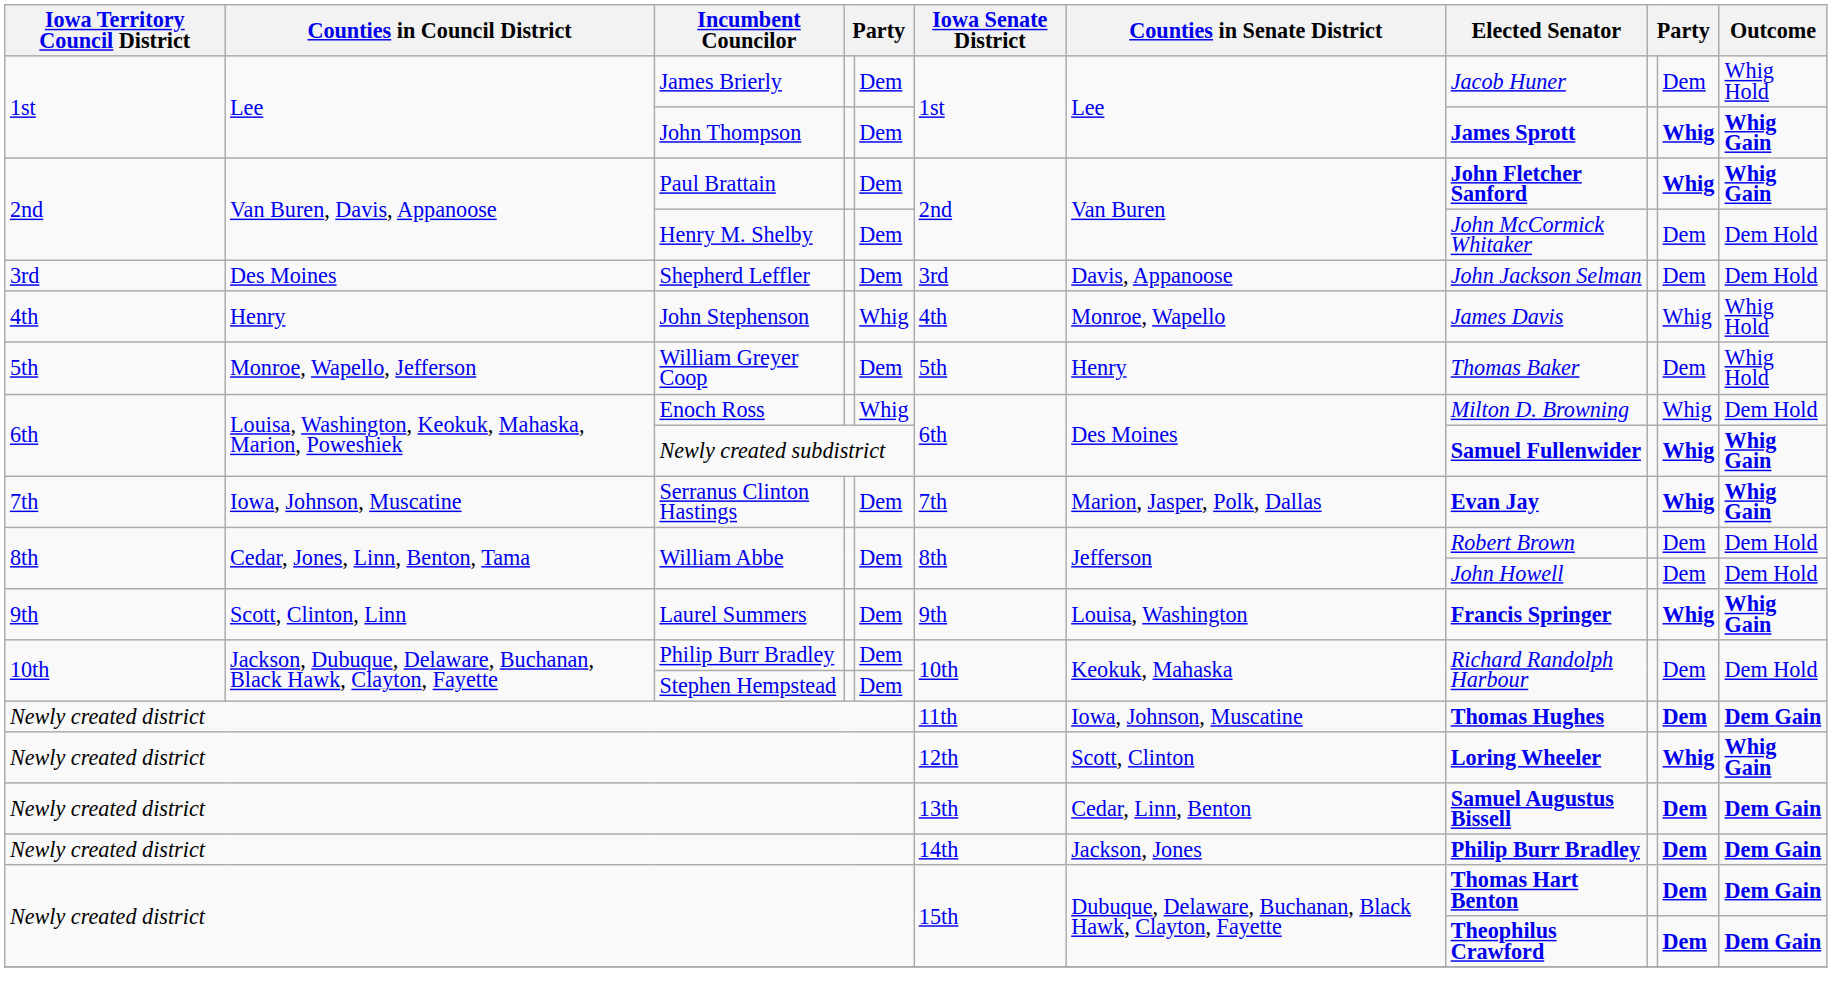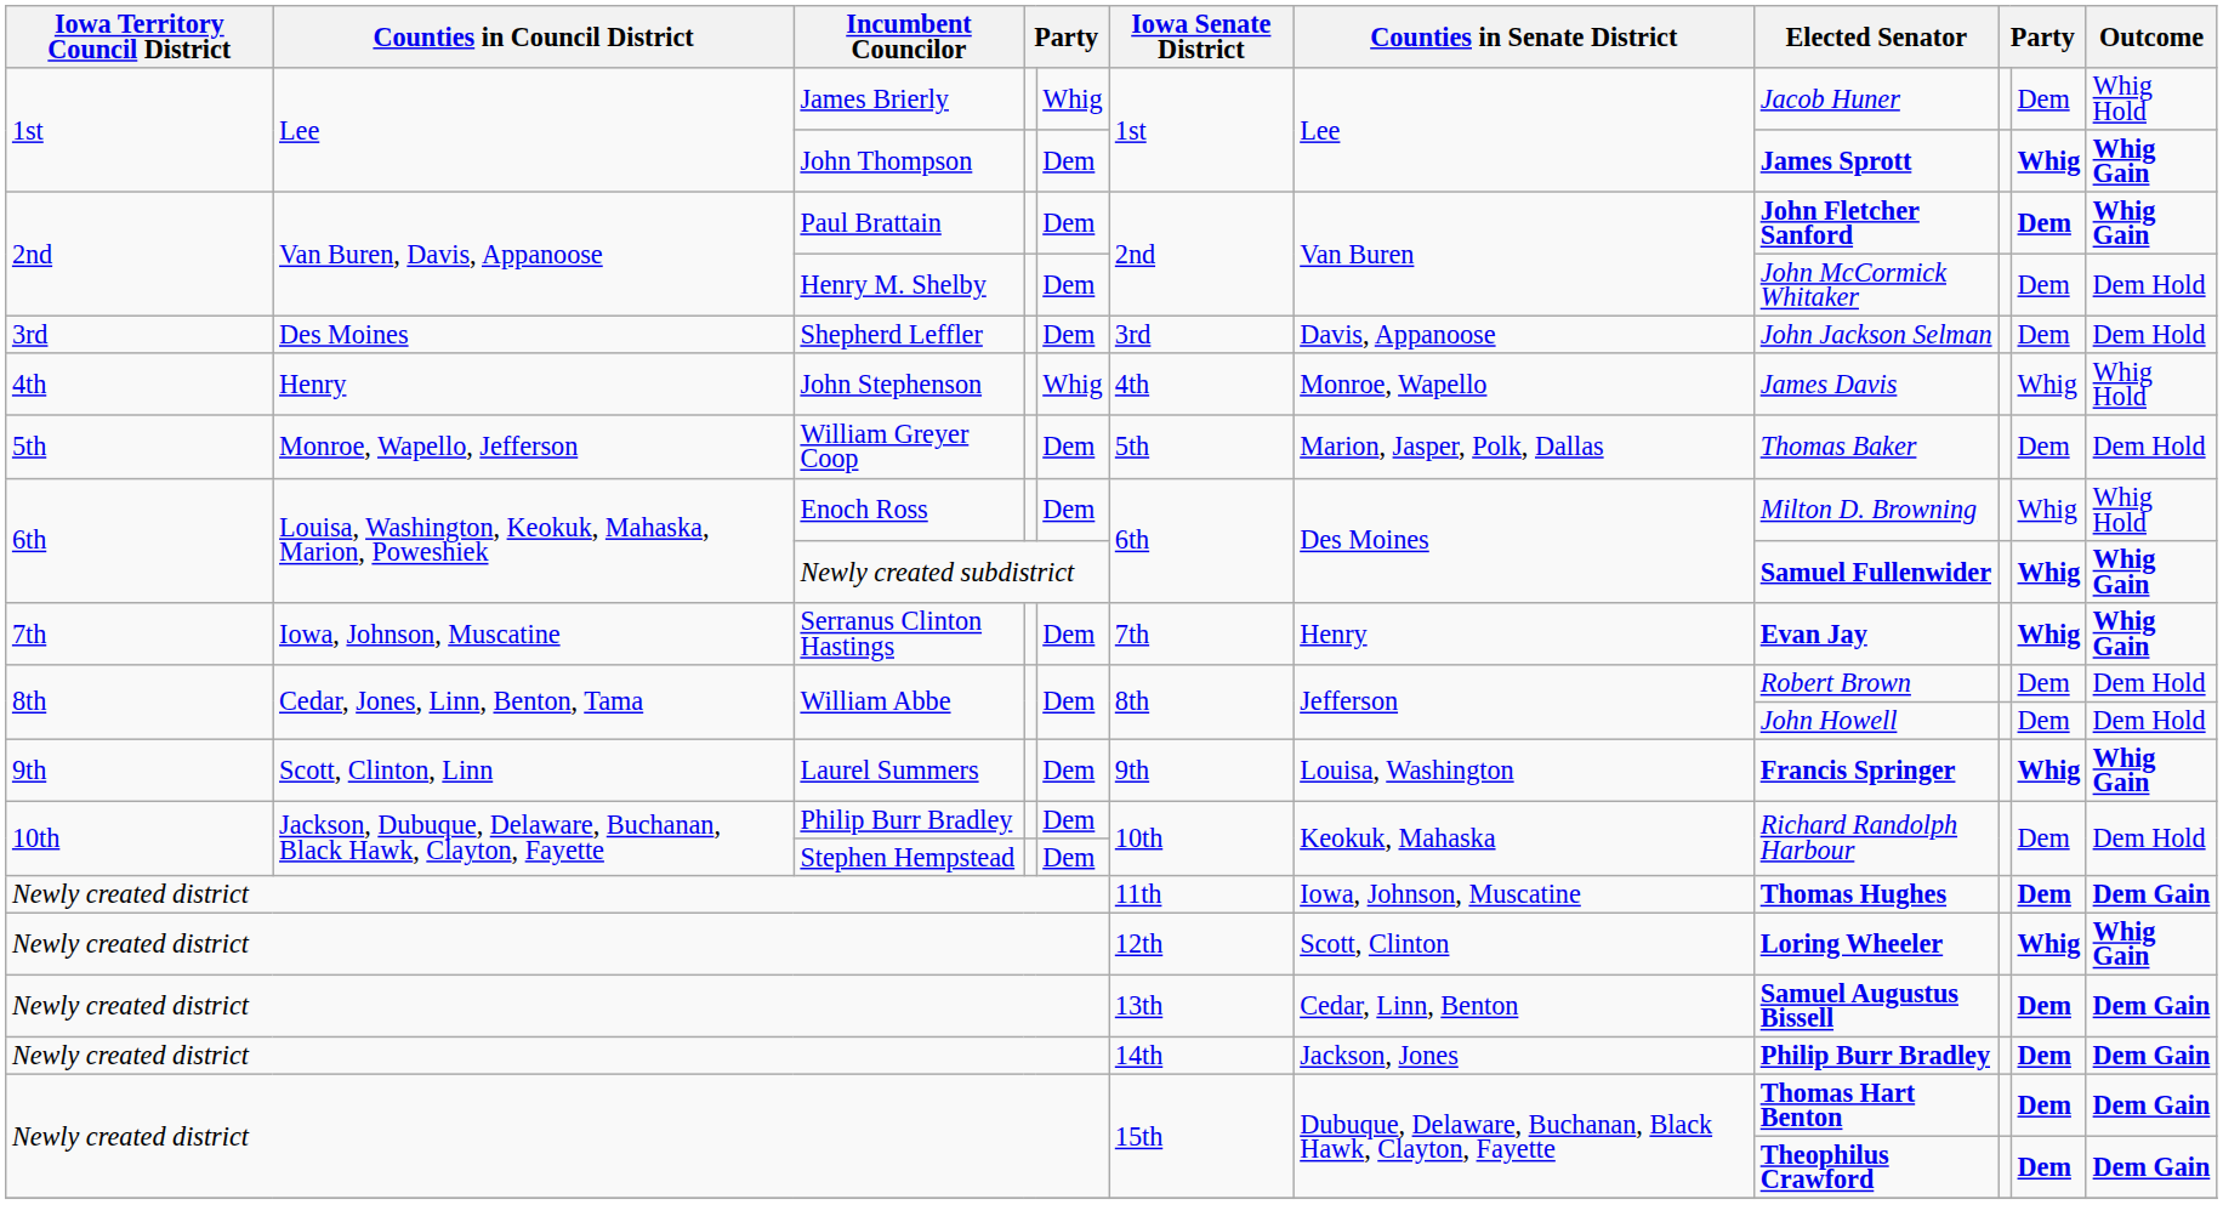 <table class="sortable wikitable" style="font-size:95%;line-height:14px;">
 <tr>
 <th class="sortable"><a href='#'>Iowa Territory Council</a> District</th>
 <th class="sortable"><a href='#'>Counties</a> in Council District</th>
 <th class="sortable"><a href='#'>Incumbent</a> Councilor</th>
 <th colspan="2">Party</th>
 <th class="sortable"><a href='#'>Iowa Senate</a> District</th>
 <th class="sortable"><a href='#'>Counties</a> in Senate District</th>
 <th class="sortable">Elected Senator</th>
 <th colspan="2">Party</th>
 <th class="sortable">Outcome</th>
 </tr>
 <tr>
 <td rowspan="2"><a href='#'>1st</a></td>
 <td rowspan="2"><a href='#'>Lee</a></td>
 <td><a href='#'>James Brierly</a></td>
 <td style="background:"></td>
-<td><a href='#'>Dem</a></td>
+<td><a href='#'>Whig</a></td>
 <td rowspan="2"><a href='#'>1st</a></td>
 <td rowspan="2"><a href='#'>Lee</a></td>
 <td><em><a href='#'>Jacob Huner</a></em></td>
 <td style="background:"></td>
 <td><a href='#'>Dem</a></td>
 <td><a href='#'>Whig Hold</a></td>
 </tr>
 <tr>
 <td><a href='#'>John Thompson</a></td>
 <td style="background:"></td>
 <td><a href='#'>Dem</a></td>
 <td><strong><a href='#'>James Sprott</a></strong></td>
 <td style="background:"></td>
 <td><strong><a href='#'>Whig</a></strong></td>
 <td><strong><a href='#'>Whig Gain</a></strong></td>
 </tr>
 <tr>
 <td rowspan="2"><a href='#'>2nd</a></td>
 <td rowspan="2"><a href='#'>Van Buren</a>, <a href='#'>Davis</a>, <a href='#'>Appanoose</a></td>
 <td><a href='#'>Paul Brattain</a></td>
 <td style="background:"></td>
 <td><a href='#'>Dem</a></td>
 <td rowspan="2"><a href='#'>2nd</a></td>
 <td rowspan="2"><a href='#'>Van Buren</a></td>
 <td><strong><a href='#'>John Fletcher Sanford</a></strong></td>
 <td style="background:"></td>
-<td><strong><a href='#'>Whig</a></strong></td>
+<td><strong><a href='#'>Dem</a></strong></td>
 <td><strong><a href='#'>Whig Gain</a></strong></td>
 </tr>
 <tr>
 <td><a href='#'>Henry M. Shelby</a></td>
 <td style="background:"></td>
 <td><a href='#'>Dem</a></td>
 <td><em><a href='#'>John McCormick Whitaker</a></em></td>
 <td style="background:"></td>
 <td><a href='#'>Dem</a></td>
 <td><a href='#'>Dem Hold</a></td>
 </tr>
 <tr>
 <td><a href='#'>3rd</a></td>
 <td><a href='#'>Des Moines</a></td>
 <td><a href='#'>Shepherd Leffler</a></td>
 <td style="background:"></td>
 <td><a href='#'>Dem</a></td>
 <td><a href='#'>3rd</a></td>
 <td><a href='#'>Davis</a>, <a href='#'>Appanoose</a></td>
 <td><em><a href='#'>John Jackson Selman</a></em></td>
 <td style="background:"></td>
 <td><a href='#'>Dem</a></td>
 <td><a href='#'>Dem Hold</a></td>
 </tr>
 <tr>
 <td><a href='#'>4th</a></td>
 <td><a href='#'>Henry</a></td>
 <td><a href='#'>John Stephenson</a></td>
 <td style="background:"></td>
 <td><a href='#'>Whig</a></td>
 <td><a href='#'>4th</a></td>
 <td><a href='#'>Monroe</a>, <a href='#'>Wapello</a></td>
 <td><em><a href='#'>James Davis</a></em></td>
 <td style="background:"></td>
 <td><a href='#'>Whig</a></td>
 <td><a href='#'>Whig Hold</a></td>
 </tr>
 <tr>
 <td><a href='#'>5th</a></td>
 <td><a href='#'>Monroe</a>, <a href='#'>Wapello</a>, <a href='#'>Jefferson</a></td>
 <td><a href='#'>William Greyer Coop</a></td>
 <td style="background:"></td>
 <td><a href='#'>Dem</a></td>
 <td><a href='#'>5th</a></td>
-<td><a href='#'>Henry</a></td>
+<td><a href='#'>Marion</a>, <a href='#'>Jasper</a>, <a href='#'>Polk</a>, <a href='#'>Dallas</a></td>
 <td><em><a href='#'>Thomas Baker</a></em></td>
 <td style="background:"></td>
 <td><a href='#'>Dem</a></td>
-<td><a href='#'>Whig Hold</a></td>
+<td><a href='#'>Dem Hold</a></td>
 </tr>
 <tr>
 <td rowspan="2"><a href='#'>6th</a></td>
 <td rowspan="2"><a href='#'>Louisa</a>, <a href='#'>Washington</a>, <a href='#'>Keokuk</a>, <a href='#'>Mahaska</a>, <a href='#'>Marion</a>, <a href='#'>Poweshiek</a></td>
 <td><a href='#'>Enoch Ross</a></td>
 <td style="background:"></td>
-<td><a href='#'>Whig</a></td>
+<td><a href='#'>Dem</a></td>
 <td rowspan="2"><a href='#'>6th</a></td>
 <td rowspan="2"><a href='#'>Des Moines</a></td>
 <td><em><a href='#'>Milton D. Browning</a></em></td>
 <td style="background:"></td>
 <td><a href='#'>Whig</a></td>
-<td><a href='#'>Dem Hold</a></td>
+<td><a href='#'>Whig Hold</a></td>
 </tr>
 <tr>
 <td colspan="3" ><em>Newly created subdistrict</em></td>
 <td><strong><a href='#'>Samuel Fullenwider</a></strong></td>
 <td style="background:"></td>
 <td><strong><a href='#'>Whig</a></strong></td>
 <td><strong><a href='#'>Whig Gain</a></strong></td>
 </tr>
 <tr>
 <td><a href='#'>7th</a></td>
 <td><a href='#'>Iowa</a>, <a href='#'>Johnson</a>, <a href='#'>Muscatine</a></td>
 <td><a href='#'>Serranus Clinton Hastings</a></td>
 <td style="background:"></td>
 <td><a href='#'>Dem</a></td>
 <td><a href='#'>7th</a></td>
-<td><a href='#'>Marion</a>, <a href='#'>Jasper</a>, <a href='#'>Polk</a>, <a href='#'>Dallas</a></td>
+<td><a href='#'>Henry</a></td>
 <td><strong><a href='#'>Evan Jay</a></strong></td>
 <td style="background:"></td>
 <td><strong><a href='#'>Whig</a></strong></td>
 <td><strong><a href='#'>Whig Gain</a></strong></td>
 </tr>
 <tr>
 <td rowspan="2"><a href='#'>8th</a></td>
 <td rowspan="2"><a href='#'>Cedar</a>, <a href='#'>Jones</a>, <a href='#'>Linn</a>, <a href='#'>Benton</a>, <a href='#'>Tama</a></td>
 <td rowspan="2"><a href='#'>William Abbe</a></td>
 <td rowspan="2" style="background:"></td>
 <td rowspan="2"><a href='#'>Dem</a></td>
 <td rowspan="2"><a href='#'>8th</a></td>
 <td rowspan="2"><a href='#'>Jefferson</a></td>
 <td><em><a href='#'>Robert Brown</a></em></td>
 <td style="background:"></td>
 <td><a href='#'>Dem</a></td>
 <td><a href='#'>Dem Hold</a></td>
 </tr>
 <tr>
 <td><em><a href='#'>John Howell</a></em></td>
 <td style="background:"></td>
 <td><a href='#'>Dem</a></td>
 <td><a href='#'>Dem Hold</a></td>
 </tr>
 <tr>
 <td><a href='#'>9th</a></td>
 <td><a href='#'>Scott</a>, <a href='#'>Clinton</a>, <a href='#'>Linn</a></td>
 <td><a href='#'>Laurel Summers</a></td>
 <td style="background:"></td>
 <td><a href='#'>Dem</a></td>
 <td><a href='#'>9th</a></td>
 <td><a href='#'>Louisa</a>, <a href='#'>Washington</a></td>
 <td><strong><a href='#'>Francis Springer</a></strong></td>
 <td style="background:"></td>
 <td><strong><a href='#'>Whig</a></strong></td>
 <td><strong><a href='#'>Whig Gain</a></strong></td>
 </tr>
 <tr>
 <td rowspan="2"><a href='#'>10th</a></td>
 <td rowspan="2"><a href='#'>Jackson</a>, <a href='#'>Dubuque</a>, <a href='#'>Delaware</a>, <a href='#'>Buchanan</a>, <a href='#'>Black Hawk</a>, <a href='#'>Clayton</a>, <a href='#'>Fayette</a></td>
 <td><a href='#'>Philip Burr Bradley</a></td>
 <td style="background:"></td>
 <td><a href='#'>Dem</a></td>
 <td rowspan="2"><a href='#'>10th</a></td>
 <td rowspan="2"><a href='#'>Keokuk</a>, <a href='#'>Mahaska</a></td>
 <td rowspan="2"><em><a href='#'>Richard Randolph Harbour</a></em></td>
 <td rowspan="2" style="background:"></td>
 <td rowspan="2"><a href='#'>Dem</a></td>
 <td rowspan="2"><a href='#'>Dem Hold</a></td>
 </tr>
 <tr>
 <td><a href='#'>Stephen Hempstead</a></td>
 <td style="background:"></td>
 <td><a href='#'>Dem</a></td>
 </tr>
 <tr>
 <td colspan="5" ><em>Newly created district</em></td>
 <td><a href='#'>11th</a></td>
 <td><a href='#'>Iowa</a>, <a href='#'>Johnson</a>, <a href='#'>Muscatine</a></td>
 <td><strong><a href='#'>Thomas Hughes</a></strong></td>
 <td style="background:"></td>
 <td><strong><a href='#'>Dem</a></strong></td>
 <td><strong><a href='#'>Dem Gain</a></strong></td>
 </tr>
 <tr>
 <td colspan="5" ><em>Newly created district</em></td>
 <td><a href='#'>12th</a></td>
 <td><a href='#'>Scott</a>, <a href='#'>Clinton</a></td>
 <td><strong><a href='#'>Loring Wheeler</a></strong></td>
 <td style="background:"></td>
 <td><strong><a href='#'>Whig</a></strong></td>
 <td><strong><a href='#'>Whig Gain</a></strong></td>
 </tr>
 <tr>
 <td colspan="5" ><em>Newly created district</em></td>
 <td><a href='#'>13th</a></td>
 <td><a href='#'>Cedar</a>, <a href='#'>Linn</a>, <a href='#'>Benton</a></td>
 <td><strong><a href='#'>Samuel Augustus Bissell</a></strong></td>
 <td style="background:"></td>
 <td><strong><a href='#'>Dem</a></strong></td>
 <td><strong><a href='#'>Dem Gain</a></strong></td>
 </tr>
 <tr>
 <td colspan="5" ><em>Newly created district</em></td>
 <td><a href='#'>14th</a></td>
 <td><a href='#'>Jackson</a>, <a href='#'>Jones</a></td>
 <td><strong><a href='#'>Philip Burr Bradley</a></strong></td>
 <td style="background:"></td>
 <td><strong><a href='#'>Dem</a></strong></td>
 <td><strong><a href='#'>Dem Gain</a></strong></td>
 </tr>
 <tr>
 <td rowspan="2" colspan="5" ><em>Newly created district</em></td>
 <td rowspan="2"><a href='#'>15th</a></td>
 <td rowspan="2"><a href='#'>Dubuque</a>, <a href='#'>Delaware</a>, <a href='#'>Buchanan</a>, <a href='#'>Black Hawk</a>, <a href='#'>Clayton</a>, <a href='#'>Fayette</a></td>
 <td><strong><a href='#'>Thomas Hart Benton</a></strong></td>
 <td style="background:"></td>
 <td><strong><a href='#'>Dem</a></strong></td>
 <td><strong><a href='#'>Dem Gain</a></strong></td>
 </tr>
 <tr>
 <td><strong><a href='#'>Theophilus Crawford</a></strong></td>
 <td style="background:"></td>
 <td><strong><a href='#'>Dem</a></strong></td>
 <td><strong><a href='#'>Dem Gain</a></strong></td>
 </tr>
 <tr>
 </tr>
 </table>
